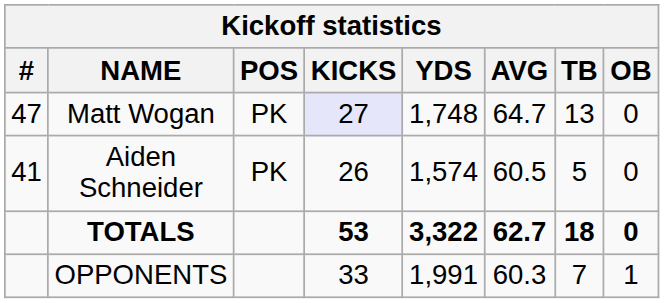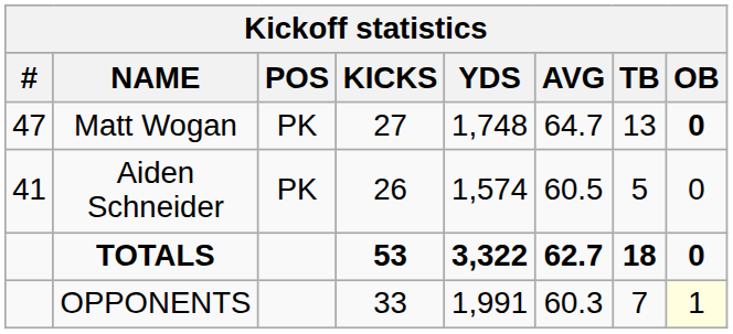 <table style="width:30%; text-align:center;" class="wikitable collapsible collapsed">
 <tr>
 <th colspan="8">Kickoff statistics</th>
 </tr>
 <tr>
 <th>#</th>
 <th>NAME</th>
 <th>POS</th>
 <th>KICKS</th>
 <th>YDS</th>
 <th>AVG</th>
 <th>TB</th>
 <th>OB</th>
 </tr>
 <tr>
 <td>47</td>
 <td>Matt Wogan</td>
 <td>PK</td>
-<td style="background: lavender;">27</td>
+<td>27</td>
 <td>1,748</td>
 <td>64.7</td>
 <td>13</td>
-<td>0</td>
+<td><strong>0</strong></td>
 </tr>
 <tr>
 <td>41</td>
 <td>Aiden Schneider</td>
 <td>PK</td>
 <td>26</td>
 <td>1,574</td>
 <td>60.5</td>
 <td>5</td>
 <td>0</td>
 </tr>
 <tr>
 <td></td>
 <td><strong>TOTALS</strong></td>
 <td></td>
 <td><strong>53</strong></td>
 <td><strong>3,322</strong></td>
 <td><strong>62.7</strong></td>
 <td><strong>18</strong></td>
 <td><strong>0</strong></td>
 </tr>
 <tr>
 <td></td>
 <td>OPPONENTS</td>
 <td></td>
 <td>33</td>
 <td>1,991</td>
 <td>60.3</td>
 <td>7</td>
-<td>1</td>
+<td style="background: lightyellow;">1</td>
 </tr>
 </table>
